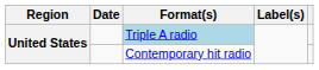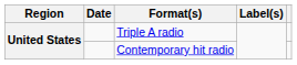 <table class="wikitable plainrowheaders" style="text-align:left">
 <tr>
 <th scope="col">Region</th>
 <th scope="col">Date</th>
 <th scope="col">Format(s)</th>
 <th scope="col">Label(s)</th>
 <th scope="col"></th>
 </tr>
 <tr>
 <th scope="row" rowspan="2">United States</th>
 <td></td>
-<td style="background: lightblue;"><a href='#'>Triple A radio</a></td>
+<td><a href='#'>Triple A radio</a></td>
 <td rowspan="2"></td>
 <td></td>
 </tr>
 <tr>
 <td></td>
 <td><a href='#'>Contemporary hit radio</a></td>
 <td></td>
 </tr>
 </table>
